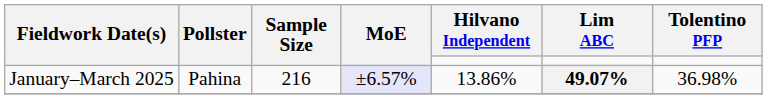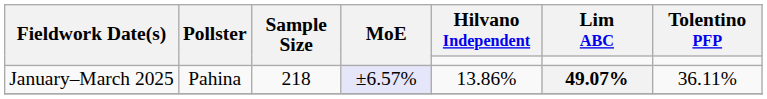 <table class="wikitable" style="text-align:center;font-size:90%;line-height:15px">
 <tr>
 <th rowspan="2">Fieldwork Date(s)</th>
 <th rowspan="2">Pollster</th>
 <th rowspan="2" style="width:60px;">Sample Size</th>
 <th rowspan="2" style="width:60px;">MoE</th>
 <th style="width:75px;">Hilvano<br><small><a href='#'>Independent</a></small></th>
 <th style="width:75px;">Lim<br><small><a href='#'>ABC</a></small></th>
 <th style="width:75px;">Tolentino<br><small><a href='#'>PFP</a></small></th>
 </tr>
 <tr>
 <td style="background:"></td>
 <td style="background:"></td>
 <td style="background:"></td>
 </tr>
 <tr>
 <td>January–March 2025</td>
 <td>Pahina</td>
-<td>216</td>
+<td>218</td>
 <td style="background: lavender;">±6.57%</td>
 <td>13.86%</td>
 <th style="background-color:#">49.07%</th>
-<td>36.98%</td>
+<td>36.11%</td>
 </tr>
 <tr>
 </tr>
 </table>
